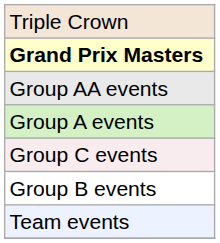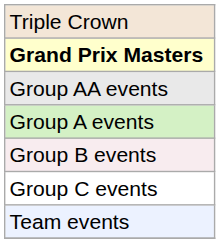 <table class=wikitable  style=font-size:95%;width:12%>
 <tr style="background:#F3E6D7;">
 <td>Triple Crown</td>
 </tr>
 <tr style="background:#ffc;">
 <td><strong>Grand Prix Masters</strong></td>
 </tr>
 <tr style="background:#E9E9E9;">
 <td>Group AA events</td>
 </tr>
 <tr style="background:#D4F1C5;">
 <td>Group A events</td>
 </tr>
 <tr style="background:#F8ECEF;">
-<td>Group C events</td>
+<td>Group B events</td>
 </tr>
 <tr style="background:#FFFFFF;">
-<td>Group B events</td>
+<td>Group C events</td>
 </tr>
 <tr style="background:#ECF2FF;">
 <td>Team events</td>
 </tr>
 <tr>
 </tr>
 </table>
